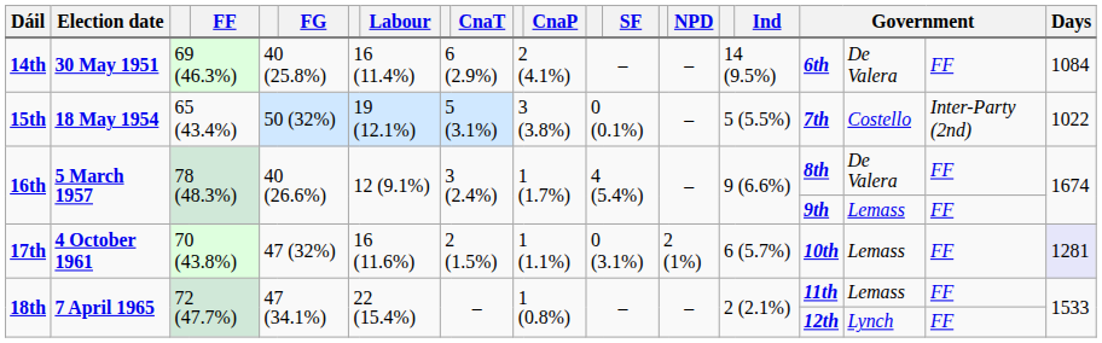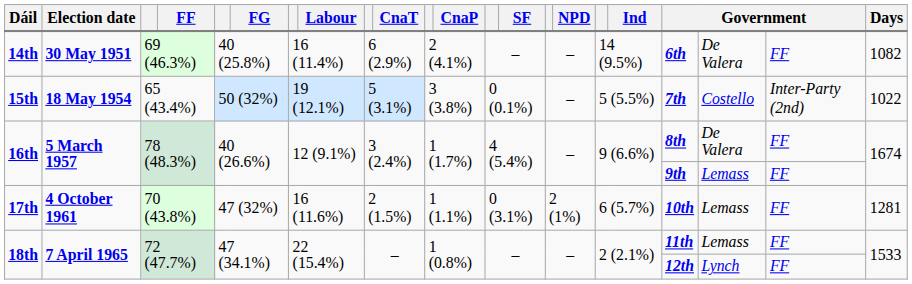 <table class="wikitable" style="font-size:95%;">
 <tr style="text-align: center; background: #efefefefefef; border-bottom: 2px solid gray;">
 <th>Dáil</th>
 <th>Election date</th>
 <th style="background-color: "></th>
 <th><a href='#'>FF</a></th>
 <th style="background-color: "></th>
 <th><a href='#'>FG</a></th>
 <th style="background-color: "></th>
 <th><a href='#'>Labour</a></th>
 <th style="background-color: "></th>
 <th><a href='#'>CnaT</a></th>
 <th style="background-color: "></th>
 <th><a href='#'>CnaP</a></th>
 <th style="background-color: "></th>
 <th><a href='#'>SF</a></th>
 <th style="background-color: "></th>
 <th><a href='#'>NPD</a></th>
 <th style="background-color: "></th>
 <th><a href='#'>Ind</a></th>
 <th colspan="3">Government</th>
 <th>Days</th>
 </tr>
 <tr>
 <td><strong><a href='#'>14th</a></strong></td>
 <td><strong><a href='#'>30 May 1951</a></strong></td>
 <td colspan=2 style="background-color: #DEFFDE">69 (46.3%)</td>
 <td colspan=2>40 (25.8%)</td>
 <td colspan=2>16 (11.4%)</td>
 <td colspan=2>6 (2.9%)</td>
 <td colspan=2>2 (4.1%)</td>
 <td colspan=2 align=center>–</td>
 <td colspan=2 align=center>–</td>
 <td colspan=2>14 (9.5%)</td>
 <td><a href='#'><strong><em>6th</em></strong></a></td>
 <td><em>De Valera</em></td>
 <td><a href='#'><em>FF</em></a></td>
-<td>1084</td>
+<td>1082</td>
 </tr>
 <tr>
 <td><strong><a href='#'>15th</a></strong></td>
 <td><strong><a href='#'>18 May 1954</a></strong></td>
 <td colspan=2>65 (43.4%)</td>
 <td colspan=2 style="background-color: #D0E8FF">50 (32%)</td>
 <td colspan=2 style="background-color: #D0E8FF">19 (12.1%)</td>
 <td colspan=2 style="background-color: #D0E8FF">5 (3.1%)</td>
 <td colspan=2>3 (3.8%)</td>
 <td colspan=2>0 (0.1%)</td>
 <td colspan=2 align=center>–</td>
 <td colspan=2>5 (5.5%)</td>
 <td><a href='#'><strong><em>7th</em></strong></a></td>
 <td><a href='#'><em>Costello</em></a></td>
 <td><em>Inter-Party (2nd)</em></td>
 <td>1022</td>
 </tr>
 <tr style="line-height:16px;">
 <td rowspan=2><strong><a href='#'>16th</a></strong></td>
 <td rowspan=2><strong><a href='#'>5 March 1957</a></strong></td>
 <td rowspan=2 colspan=2 style="background-color: #D0E8D8">78 (48.3%)</td>
 <td rowspan=2 colspan=2>40 (26.6%)</td>
 <td rowspan=2 colspan=2>12 (9.1%)</td>
 <td rowspan=2 colspan=2>3 (2.4%)</td>
 <td rowspan=2 colspan=2>1 (1.7%)</td>
 <td rowspan=2 colspan=2>4 (5.4%)</td>
 <td rowspan=2 colspan=2 align=center>–</td>
 <td rowspan=2 colspan=2>9 (6.6%)</td>
 <td><a href='#'><strong><em>8th</em></strong></a></td>
 <td><em>De Valera</em></td>
 <td><a href='#'><em>FF</em></a></td>
 <td rowspan=2>1674</td>
 </tr>
 <tr style="line-height:16px;">
 <td><a href='#'><strong><em>9th</em></strong></a></td>
 <td><em><a href='#'>Lemass</a></em></td>
 <td><a href='#'><em>FF</em></a></td>
 </tr>
 <tr>
 <td><strong><a href='#'>17th</a></strong></td>
 <td><strong><a href='#'>4 October 1961</a></strong></td>
 <td colspan=2 style="background-color: #DEFFDE">70 (43.8%)</td>
 <td colspan=2>47 (32%)</td>
 <td colspan=2>16 (11.6%)</td>
 <td colspan=2>2 (1.5%)</td>
 <td colspan=2>1 (1.1%)</td>
 <td colspan=2>0 (3.1%)</td>
 <td colspan=2>2 (1%)</td>
 <td colspan=2>6 (5.7%)</td>
 <td><a href='#'><strong><em>10th</em></strong></a></td>
 <td><em>Lemass</em></td>
 <td><a href='#'><em>FF</em></a></td>
-<td style="background: lavender;">1281</td>
+<td>1281</td>
 </tr>
 <tr style="line-height:16px;">
 <td rowspan=2><strong><a href='#'>18th</a></strong></td>
 <td rowspan=2><strong><a href='#'>7 April 1965</a></strong></td>
 <td rowspan=2 colspan=2 style="background-color: #D0E8D8">72 (47.7%)</td>
 <td rowspan=2 colspan=2>47 (34.1%)</td>
 <td rowspan=2 colspan=2>22 (15.4%)</td>
 <td rowspan=2 colspan=2 align=center>–</td>
 <td rowspan=2 colspan=2>1 (0.8%)</td>
 <td rowspan=2 colspan=2 align=center>–</td>
 <td rowspan=2 colspan=2 align=center>–</td>
 <td rowspan=2 colspan=2>2 (2.1%)</td>
 <td><a href='#'><strong><em>11th</em></strong></a></td>
 <td><em>Lemass</em></td>
 <td><a href='#'><em>FF</em></a></td>
 <td rowspan=2>1533</td>
 </tr>
 <tr style="line-height:16px;">
 <td><a href='#'><strong><em>12th</em></strong></a></td>
 <td><em><a href='#'>Lynch</a></em></td>
 <td><a href='#'><em>FF</em></a></td>
 </tr>
 </table>
